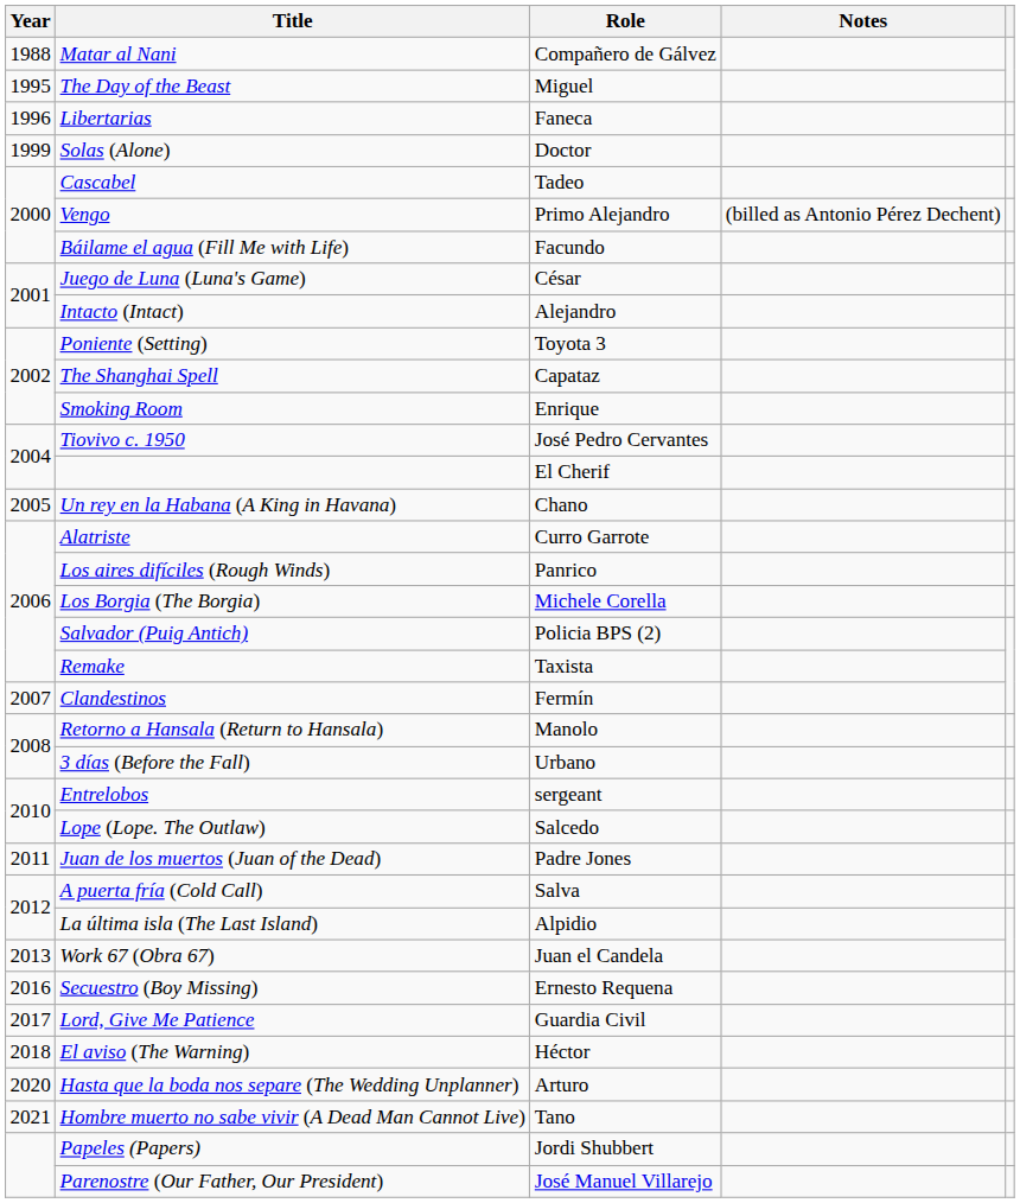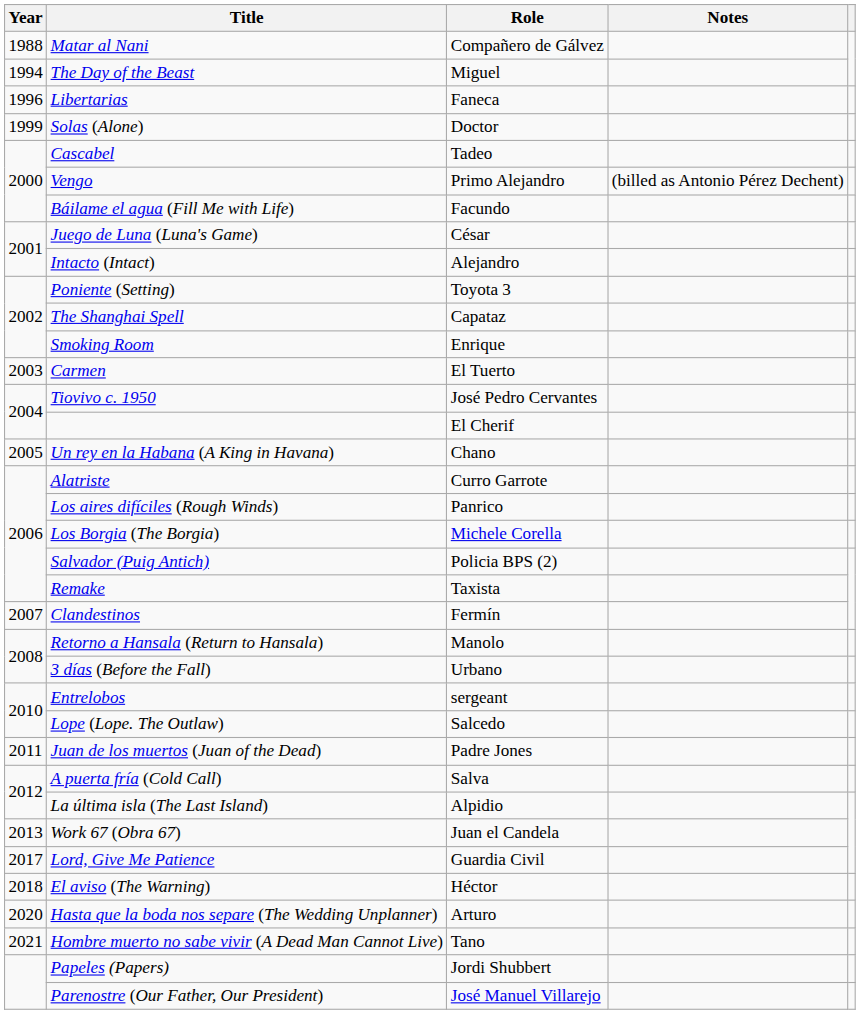 <table class="wikitable sortable">
 <tr>
 <th>Year</th>
 <th>Title</th>
 <th>Role</th>
 <th class="unsortable">Notes</th>
 <th class="unsortable"></th>
 </tr>
 <tr>
 <td align = "center">1988</td>
 <td><em><a href='#'>Matar al Nani</a></em></td>
 <td>Compañero de Gálvez</td>
 <td></td>
 </tr>
 <tr>
-<td align = "center">1995</td>
+<td align = "center">1994</td>
 <td><em><a href='#'>The Day of the Beast</a></em></td>
 <td>Miguel</td>
 <td></td>
 </tr>
 <tr>
 <td align = "center">1996</td>
 <td><em><a href='#'>Libertarias</a></em></td>
 <td>Faneca</td>
 <td></td>
 <td align = "center"></td>
 </tr>
 <tr>
 <td align = "center">1999</td>
 <td><em><a href='#'>Solas</a></em> (<em>Alone</em>)</td>
 <td>Doctor</td>
 <td></td>
 <td align = "center"></td>
 </tr>
 <tr>
 <td rowspan = "3" align = "center">2000</td>
 <td><em><a href='#'>Cascabel</a></em></td>
 <td>Tadeo</td>
 <td></td>
 <td align = "center"></td>
 </tr>
 <tr>
 <td><em><a href='#'>Vengo</a></em></td>
 <td>Primo Alejandro</td>
 <td>(billed as Antonio Pérez Dechent)</td>
 </tr>
 <tr>
 <td><em><a href='#'>Báilame el agua</a></em> (<em>Fill Me with Life</em>)</td>
 <td>Facundo</td>
 <td></td>
 <td align = "center"></td>
 </tr>
 <tr>
 <td rowspan = "2" align = "center">2001</td>
 <td><em><a href='#'>Juego de Luna</a></em> (<em>Luna's Game</em>)</td>
 <td>César</td>
 <td></td>
 <td align = "center"></td>
 </tr>
 <tr>
 <td><em><a href='#'>Intacto</a></em> (<em>Intact</em>)</td>
 <td>Alejandro</td>
 <td></td>
 <td align = "center"></td>
 </tr>
 <tr>
 <td align = "center" rowspan="3">2002</td>
 <td><em><a href='#'>Poniente</a></em> (<em>Setting</em>)</td>
 <td>Toyota 3</td>
 <td></td>
 <td align = "center"></td>
 </tr>
 <tr>
 <td><em><a href='#'>The Shanghai Spell</a></em></td>
 <td>Capataz</td>
 <td></td>
 </tr>
 <tr>
 <td><em><a href='#'>Smoking Room</a></em></td>
 <td>Enrique</td>
+<td></td>
+<td align = "center"></td>
+</tr>
+<tr>
+<td align = "center">2003</td>
+<td><em><a href='#'>Carmen</a></em></td>
+<td>El Tuerto</td>
 <td></td>
 <td align = "center"></td>
 </tr>
 <tr>
 <td align = "center" rowspan="2">2004</td>
 <td><em><a href='#'>Tiovivo c. 1950</a></em></td>
 <td>José Pedro Cervantes</td>
 <td></td>
 </tr>
 <tr>
 <td><em></em></td>
 <td>El Cherif</td>
 <td></td>
 <td align = "center"></td>
 </tr>
 <tr>
 <td align = "center">2005</td>
 <td><em><a href='#'>Un rey en la Habana</a></em> (<em>A King in Havana</em>)</td>
 <td>Chano</td>
 <td></td>
 <td align = "center"></td>
 </tr>
 <tr>
 <td align = "center" rowspan="5">2006</td>
 <td><em><a href='#'>Alatriste</a></em></td>
 <td>Curro Garrote</td>
 <td></td>
 <td align = "center"></td>
 </tr>
 <tr>
 <td><em><a href='#'>Los aires difíciles</a></em> (<em>Rough Winds</em>)</td>
 <td>Panrico</td>
 <td></td>
 <td align = "center"></td>
 </tr>
 <tr>
 <td><em><a href='#'>Los Borgia</a></em> (<em>The Borgia</em>)</td>
 <td><a href='#'>Michele Corella</a></td>
 <td></td>
 <td align = "center"></td>
 </tr>
 <tr>
 <td><em><a href='#'>Salvador (Puig Antich)</a></em></td>
 <td>Policia BPS (2)</td>
 <td></td>
 </tr>
 <tr>
 <td><em><a href='#'>Remake</a></em></td>
 <td>Taxista</td>
 <td></td>
 </tr>
 <tr>
 <td align = "center">2007</td>
 <td><em><a href='#'>Clandestinos</a></em></td>
 <td>Fermín</td>
 <td></td>
 </tr>
 <tr>
 <td rowspan ="2"  align = "center">2008</td>
 <td><em><a href='#'>Retorno a Hansala</a></em> (<em>Return to Hansala</em>)</td>
 <td>Manolo</td>
 <td></td>
 <td align = "center"></td>
 </tr>
 <tr>
 <td><em><a href='#'>3 días</a></em> (<em>Before the Fall</em>)</td>
 <td>Urbano</td>
 <td></td>
 <td align = "center"></td>
 </tr>
 <tr>
 <td rowspan = "2" align = "center">2010</td>
 <td><em><a href='#'>Entrelobos</a></em></td>
 <td>sergeant</td>
 <td></td>
 </tr>
 <tr>
 <td><em><a href='#'>Lope</a></em> (<em>Lope. The Outlaw</em>)</td>
 <td>Salcedo</td>
 <td></td>
 <td align = "center"></td>
 </tr>
 <tr>
 <td align = "center">2011</td>
 <td><em><a href='#'>Juan de los muertos</a></em> (<em>Juan of the Dead</em>)</td>
 <td>Padre Jones</td>
 <td></td>
 <td align = "center"></td>
 </tr>
 <tr>
 <td rowspan = "2"  align = "center">2012</td>
 <td><em><a href='#'>A puerta fría</a></em> (<em>Cold Call</em>)</td>
 <td>Salva</td>
 <td></td>
 <td align="center"></td>
 </tr>
 <tr>
 <td><em>La última isla</em> (<em>The Last Island</em>)</td>
 <td>Alpidio</td>
 <td></td>
 </tr>
 <tr>
 <td align = "center">2013</td>
 <td><em>Work 67</em> (<em>Obra 67</em>)</td>
 <td>Juan el Candela</td>
 <td></td>
 </tr>
 <tr>
-<td align = "center">2016</td>
-<td><em><a href='#'>Secuestro</a></em> (<em>Boy Missing</em>)</td>
-<td>Ernesto Requena</td>
-<td></td>
-<td align = "center"></td>
-</tr>
-<tr>
 <td align = "center">2017</td>
 <td><em><a href='#'>Lord, Give Me Patience</a></em></td>
 <td>Guardia Civil</td>
 <td></td>
 </tr>
 <tr>
 <td align = "center">2018</td>
 <td><em><a href='#'>El aviso</a></em> (<em>The Warning</em>)</td>
 <td>Héctor</td>
 <td></td>
 <td align = "center"></td>
 </tr>
 <tr>
 <td align = "center">2020</td>
 <td><em><a href='#'>Hasta que la boda nos separe</a></em> (<em>The Wedding Unplanner</em>)</td>
 <td>Arturo</td>
 <td></td>
 <td align =  "center"></td>
 </tr>
 <tr>
 <td align = "center">2021</td>
 <td><em><a href='#'>Hombre muerto no sabe vivir</a></em> (<em>A Dead Man Cannot Live</em>)</td>
 <td>Tano</td>
 <td></td>
 <td align = "center"></td>
 </tr>
 <tr>
 <td rowspan="2"></td>
 <td><em><a href='#'>Papeles</a> (Papers)</em></td>
 <td>Jordi Shubbert</td>
 <td></td>
 <td></td>
 </tr>
 <tr>
 <td><em><a href='#'>Parenostre</a></em> (<em>Our Father, Our President</em>)</td>
 <td><a href='#'>José Manuel Villarejo</a></td>
 <td></td>
 <td align="center"></td>
 </tr>
 </table>
